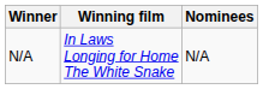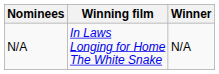 <table class="wikitable">
 <tr>
+<th>Nominees</th>
+<th>Winning film</th>
 <th>Winner</th>
-<th>Winning film</th>
-<th>Nominees</th>
 </tr>
 <tr>
 <td>N/A</td>
 <td><em><a href='#'>In Laws</a></em><br><em><a href='#'>Longing for Home</a></em><br><em><a href='#'>The White Snake</a></em></td>
 <td>N/A</td>
 </tr>
 </table>
